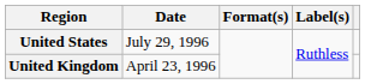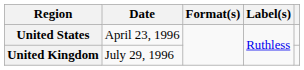 <table class="wikitable plainrowheaders">
 <tr>
 <th scope="col">Region</th>
 <th scope="col">Date</th>
 <th scope="col">Format(s)</th>
 <th scope="col">Label(s)</th>
 <th scope="col"></th>
 </tr>
 <tr>
 <th scope="row">United States</th>
-<td>July 29, 1996</td>
+<td>April 23, 1996</td>
 <td rowspan="2"></td>
 <td rowspan="2"><a href='#'>Ruthless</a></td>
 <td></td>
 </tr>
 <tr>
 <th scope="row">United Kingdom</th>
-<td>April 23, 1996</td>
+<td>July 29, 1996</td>
 <td></td>
 </tr>
 </table>
